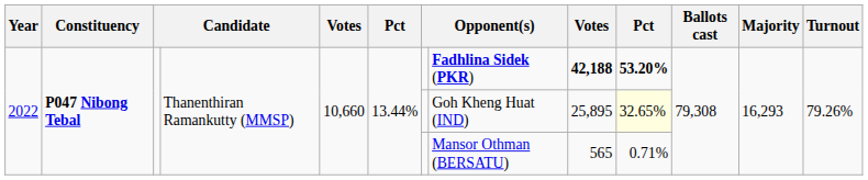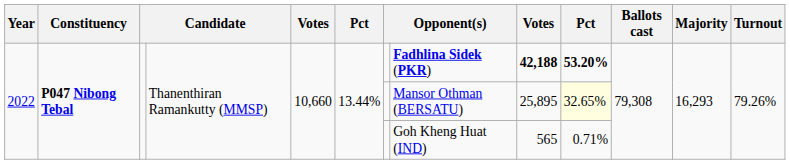 <table class="wikitable" style="margin:0.5em ; font-size:95%">
 <tr>
 <th>Year</th>
 <th>Constituency</th>
 <th colspan=2>Candidate</th>
 <th>Votes</th>
 <th>Pct</th>
 <th colspan=2>Opponent(s)</th>
 <th>Votes</th>
 <th>Pct</th>
 <th>Ballots cast</th>
 <th>Majority</th>
 <th>Turnout</th>
 </tr>
 <tr>
 <td rowspan="3"><a href='#'>2022</a></td>
 <td rowspan="3"><strong>P047 <a href='#'>Nibong Tebal</a></strong></td>
 <td rowspan="3" ></td>
 <td rowspan="3">Thanenthiran Ramankutty (<a href='#'>MMSP</a>)</td>
 <td rowspan="3" align="right">10,660</td>
 <td rowspan="3">13.44%</td>
 <td></td>
 <td><strong><a href='#'>Fadhlina Sidek</a></strong> (<a href='#'><strong>PKR</strong></a>)</td>
 <td align="right"><strong>42,188</strong></td>
 <td><strong>53.20%</strong></td>
 <td rowspan="3">79,308</td>
 <td rowspan="3">16,293</td>
 <td rowspan="3">79.26%</td>
 </tr>
 <tr>
 <td bgcolor=></td>
-<td>Goh Kheng Huat (<a href='#'>IND</a>)</td>
+<td><a href='#'>Mansor Othman</a> (<a href='#'>BERSATU</a>)</td>
 <td align="right">25,895</td>
 <td style="background: lightyellow;">32.65%</td>
 </tr>
 <tr>
 <td></td>
-<td><a href='#'>Mansor Othman</a> (<a href='#'>BERSATU</a>)</td>
+<td>Goh Kheng Huat (<a href='#'>IND</a>)</td>
 <td align="right">565</td>
 <td align="right">0.71%</td>
 </tr>
 </table>
